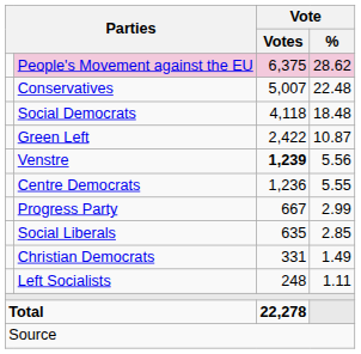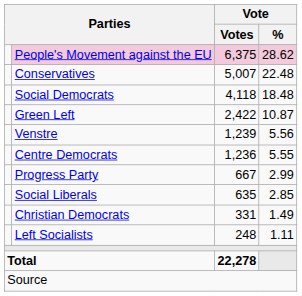 <table class="wikitable" style="text-align:right;">
 <tr>
 <th style="text-align:centre;" rowspan="2" colspan="2" width="225">Parties</th>
 <th colspan="3">Vote</th>
 </tr>
 <tr>
 <th width="15">Votes</th>
 <th width="15">%</th>
 </tr>
 <tr>
 <td width="2" style="color:inherit;background:"></td>
 <td bgcolor=#f3c9dc   align="left"><a href='#'>People's Movement against the EU</a></td>
 <td bgcolor=#f3c9dc>6,375</td>
 <td bgcolor=#f3c9dc>28.62</td>
 </tr>
 <tr>
 <td width="2" style="color:inherit;background:"></td>
 <td align="left"><a href='#'>Conservatives</a></td>
 <td>5,007</td>
 <td>22.48</td>
 </tr>
 <tr>
 <td width="2" style="color:inherit;background:"></td>
 <td align="left"><a href='#'>Social Democrats</a></td>
 <td>4,118</td>
 <td>18.48</td>
 </tr>
 <tr>
 <td width="2" style="color:inherit;background:"></td>
 <td align="left"><a href='#'>Green Left</a></td>
 <td>2,422</td>
 <td>10.87</td>
 </tr>
 <tr>
 <td width="2" style="color:inherit;background:"></td>
 <td align="left"><a href='#'>Venstre</a></td>
-<td><strong>1,239</strong></td>
+<td>1,239</td>
 <td>5.56</td>
 </tr>
 <tr>
 <td width="2" style="color:inherit;background:"></td>
 <td align="left"><a href='#'>Centre Democrats</a></td>
 <td>1,236</td>
 <td>5.55</td>
 </tr>
 <tr>
 <td width="2" style="color:inherit;background:"></td>
 <td align="left"><a href='#'>Progress Party</a></td>
 <td>667</td>
 <td>2.99</td>
 </tr>
 <tr>
 <td width="2" style="color:inherit;background:"></td>
 <td align="left"><a href='#'>Social Liberals</a></td>
 <td>635</td>
 <td>2.85</td>
 </tr>
 <tr>
 <td width="2" style="color:inherit;background:"></td>
 <td align="left"><a href='#'>Christian Democrats</a></td>
 <td>331</td>
 <td>1.49</td>
 </tr>
 <tr>
 <td width="2" style="color:inherit;background:"></td>
 <td align="left"><a href='#'>Left Socialists</a></td>
 <td>248</td>
 <td>1.11</td>
 </tr>
 <tr>
 <td colspan="7" bgcolor="#E9E9E9"></td>
 </tr>
 <tr>
 <td align="left" colspan="2"><strong>Total</strong></td>
 <td><strong>22,278</strong></td>
 <td bgcolor="#E9E9E9" colspan="2"></td>
 </tr>
 <tr>
 <td align="left" colspan="6">Source</td>
 </tr>
 </table>
